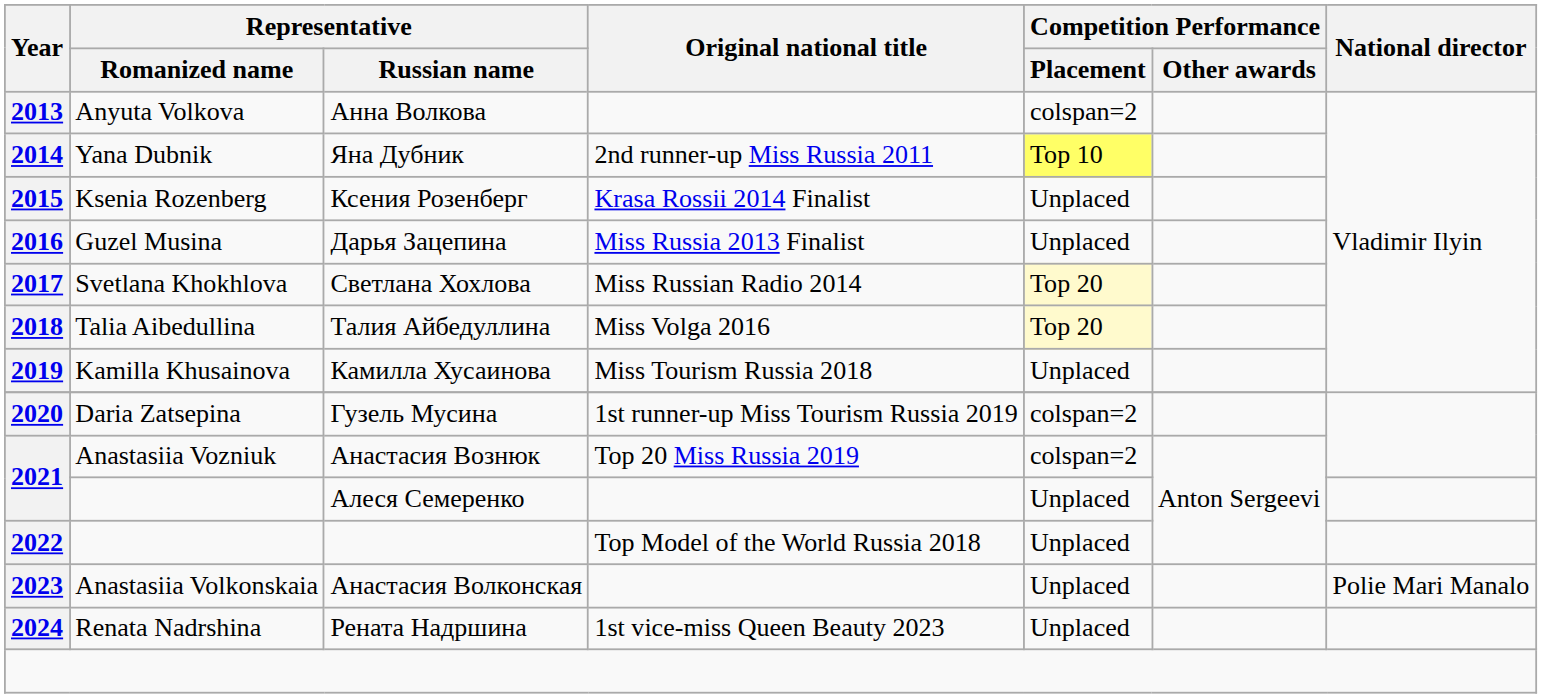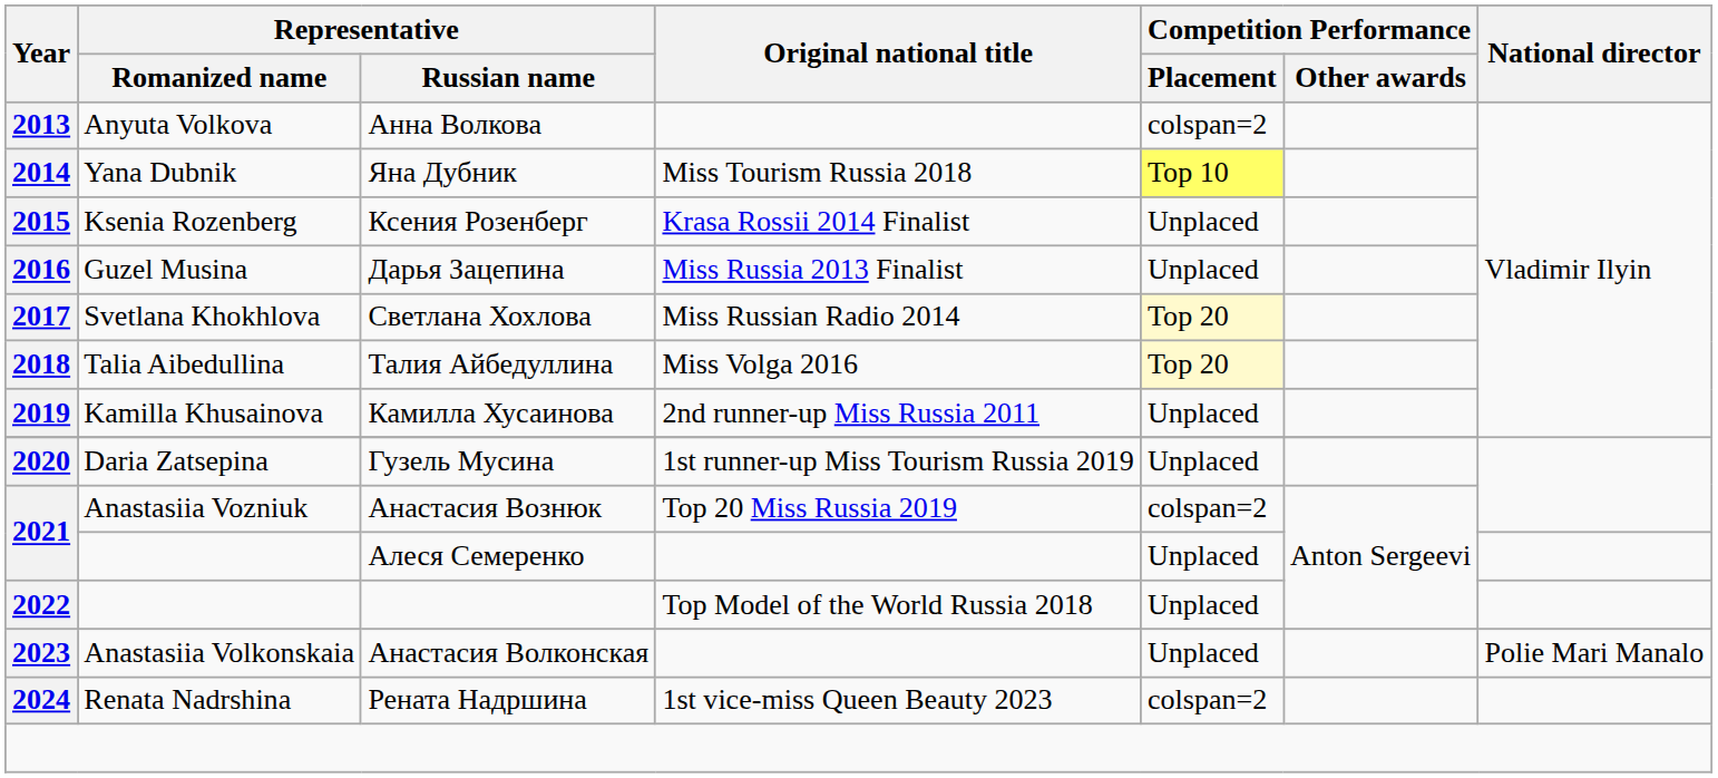 <table class="wikitable defaultcenter col2left col3left" style="font-size:90%;">
 <tr>
 <th rowspan=2>Year</th>
 <th colspan=2>Representative</th>
 <th rowspan=2>Original national title</th>
 <th colspan=2>Competition Performance</th>
 <th rowspan=2>National director</th>
 </tr>
 <tr>
 <th>Romanized name</th>
 <th>Russian name</th>
 <th>Placement</th>
 <th>Other awards</th>
 </tr>
 <tr>
 <th><a href='#'>2013</a></th>
 <td>Anyuta Volkova</td>
 <td>Анна Волкова</td>
 <td></td>
 <td>colspan=2 </td>
 <td></td>
 <td rowspan=8>Vladimir Ilyin</td>
 </tr>
 <tr>
 <th><a href='#'>2014</a></th>
 <td>Yana Dubnik</td>
 <td>Яна Дубник</td>
-<td>2nd runner-up <a href='#'>Miss Russia 2011</a></td>
+<td>Miss Tourism Russia 2018</td>
 <td bgcolor=#FFFF66>Top 10</td>
 <td></td>
 </tr>
 <tr>
 <th><a href='#'>2015</a></th>
 <td>Ksenia Rozenberg</td>
 <td>Ксения Розенберг</td>
 <td><a href='#'>Krasa Rossii 2014</a> Finalist</td>
 <td>Unplaced</td>
 </tr>
 <tr>
 <th><a href='#'>2016</a></th>
 <td>Guzel Musina</td>
 <td>Дарья Зацепина</td>
 <td><a href='#'>Miss Russia 2013</a> Finalist</td>
 <td>Unplaced</td>
 <td></td>
 </tr>
 <tr>
 <th><a href='#'>2017</a></th>
 <td>Svetlana Khokhlova</td>
 <td>Светлана Хохлова</td>
 <td>Miss Russian Radio 2014</td>
 <td bgcolor=#FFFACD>Top 20</td>
 <td></td>
 </tr>
 <tr>
 <th><a href='#'>2018</a></th>
 <td>Talia Aibedullina</td>
 <td>Талия Айбедуллина</td>
 <td>Miss Volga 2016</td>
 <td bgcolor=#FFFACD>Top 20</td>
 <td></td>
 </tr>
 <tr>
 <th><a href='#'>2019</a></th>
 <td>Kamilla Khusainova</td>
 <td>Камилла Хусаинова</td>
-<td>Miss Tourism Russia 2018</td>
+<td>2nd runner-up <a href='#'>Miss Russia 2011</a></td>
 <td>Unplaced</td>
 <td></td>
 </tr>
 <tr>
 </tr>
 <tr>
 <th><a href='#'>2020</a></th>
 <td>Daria Zatsepina</td>
 <td>Гузель Мусина</td>
 <td>1st runner-up Miss Tourism Russia 2019</td>
-<td>colspan=2 </td>
+<td>Unplaced</td>
 <td></td>
 </tr>
 <tr>
 <th rowspan=2><a href='#'>2021</a></th>
 <td>Anastasiia Vozniuk</td>
 <td>Анастасия Вознюк</td>
 <td>Top 20 <a href='#'>Miss Russia 2019</a></td>
 <td>colspan=2 </td>
 <td rowspan=3>Anton Sergeevi</td>
 </tr>
 <tr>
 <td></td>
 <td>Алеся Семеренко</td>
 <td></td>
 <td>Unplaced</td>
 <td></td>
 </tr>
 <tr>
 <th><a href='#'>2022</a></th>
 <td></td>
 <td></td>
 <td>Top Model of the World Russia 2018</td>
 <td>Unplaced</td>
 <td></td>
 </tr>
 <tr>
 <th><a href='#'>2023</a></th>
 <td>Anastasiia Volkonskaia</td>
 <td>Анастасия Волконская</td>
 <td></td>
 <td>Unplaced</td>
 <td></td>
 <td>Polie Mari Manalo</td>
 </tr>
 <tr>
 <th><a href='#'>2024</a></th>
 <td>Renata Nadrshina</td>
 <td>Рената Надршина</td>
 <td>1st vice-miss Queen Beauty 2023</td>
-<td>Unplaced</td>
+<td>colspan=2 </td>
 <td></td>
 <td></td>
 </tr>
 <tr>
 <td colspan="7"><br></td>
 </tr>
 </table>
